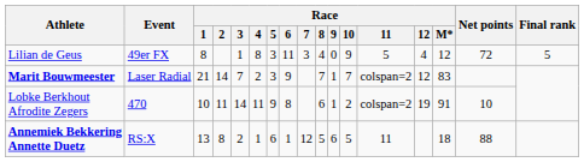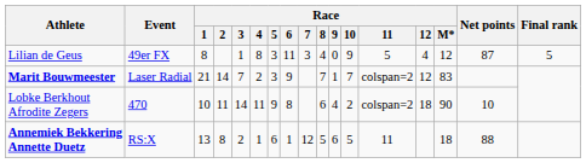 <table class="wikitable" style="font-size:90%">
 <tr>
 <th rowspan="2">Athlete</th>
 <th rowspan="2">Event</th>
 <th colspan=13>Race</th>
 <th rowspan=2>Net points</th>
 <th rowspan=2>Final rank</th>
 </tr>
 <tr style="font-size:95%">
 <th>1</th>
 <th>2</th>
 <th>3</th>
 <th>4</th>
 <th>5</th>
 <th>6</th>
 <th>7</th>
 <th>8</th>
 <th>9</th>
 <th>10</th>
 <th>11</th>
 <th>12</th>
 <th>M*</th>
 </tr>
 <tr align=center>
 <td align=left><a href='#'>Lilian de Geus</a></td>
 <td align=left><a href='#'>49er FX</a></td>
 <td>8</td>
 <td></td>
 <td>1</td>
 <td>8</td>
 <td>3</td>
 <td>11</td>
 <td>3</td>
 <td>4</td>
 <td>0</td>
 <td>9</td>
 <td>5</td>
 <td>4</td>
 <td>12</td>
-<td>72</td>
+<td>87</td>
 <td>5</td>
 </tr>
 <tr align=center>
 <td align=left><strong><a href='#'>Marit Bouwmeester</a></strong></td>
 <td align=left><a href='#'>Laser Radial</a></td>
 <td>21</td>
 <td>14</td>
 <td>7</td>
 <td>2</td>
 <td>3</td>
 <td>9</td>
 <td></td>
 <td>7</td>
 <td>1</td>
 <td>7</td>
 <td>colspan=2 </td>
 <td>12</td>
 <td>83</td>
 <td></td>
 </tr>
 <tr align=center>
 <td align=left><a href='#'>Lobke Berkhout</a><br><a href='#'>Afrodite Zegers</a></td>
 <td align=left><a href='#'>470</a></td>
 <td>10</td>
 <td>11</td>
 <td>14</td>
 <td>11</td>
 <td>9</td>
 <td>8</td>
 <td></td>
 <td>6</td>
-<td>1</td>
+<td>4</td>
 <td>2</td>
 <td>colspan=2 </td>
-<td>19</td>
-<td>91</td>
+<td>18</td>
+<td>90</td>
 <td>10</td>
 </tr>
 <tr align=center>
 <td align=left><strong><a href='#'>Annemiek Bekkering</a><br><a href='#'>Annette Duetz</a></strong></td>
 <td align=left><a href='#'>RS:X</a></td>
 <td>13</td>
 <td>8</td>
 <td>2</td>
 <td>1</td>
 <td>6</td>
 <td>1</td>
 <td>12</td>
 <td>5</td>
 <td>6</td>
 <td>5</td>
 <td>11</td>
 <td></td>
 <td>18</td>
 <td>88</td>
 <td></td>
 </tr>
 </table>
